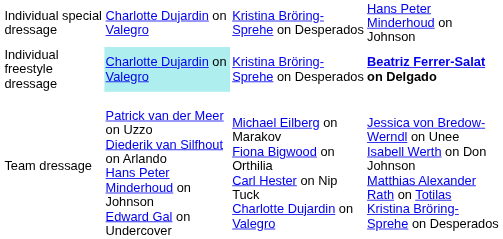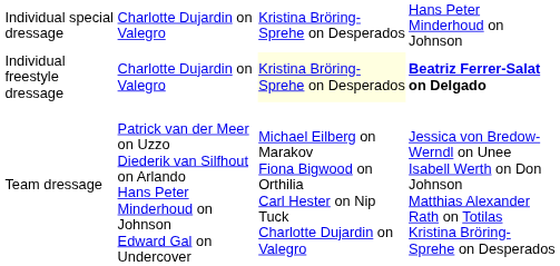 <table>
 <tr>
 <td>Individual special dressage<br></td>
 <td> <a href='#'>Charlotte Dujardin</a> on <a href='#'>Valegro</a></td>
 <td> <a href='#'>Kristina Bröring-Sprehe</a> on Desperados</td>
 <td> <a href='#'>Hans Peter Minderhoud</a> on Johnson</td>
 </tr>
 <tr>
 <td>Individual freestyle dressage<br></td>
-<td style="background: paleturquoise;"> <a href='#'>Charlotte Dujardin</a> on <a href='#'>Valegro</a></td>
-<td> <a href='#'>Kristina Bröring-Sprehe</a> on Desperados</td>
+<td> <a href='#'>Charlotte Dujardin</a> on <a href='#'>Valegro</a></td>
+<td style="background: lightyellow;"> <a href='#'>Kristina Bröring-Sprehe</a> on Desperados</td>
 <td><strong> <a href='#'>Beatriz Ferrer-Salat</a> on Delgado</strong></td>
 </tr>
 <tr>
 <td>Team dressage<br></td>
 <td><br><a href='#'>Patrick van der Meer</a> on Uzzo<br><a href='#'>Diederik van Silfhout</a> on Arlando<br><a href='#'>Hans Peter Minderhoud</a> on Johnson<br><a href='#'>Edward Gal</a> on Undercover</td>
 <td><br><a href='#'>Michael Eilberg</a> on Marakov<br><a href='#'>Fiona Bigwood</a> on Orthilia<br><a href='#'>Carl Hester</a> on Nip Tuck<br><a href='#'>Charlotte Dujardin</a> on <a href='#'>Valegro</a></td>
 <td><br><a href='#'>Jessica von Bredow-Werndl</a> on Unee<br><a href='#'>Isabell Werth</a> on Don Johnson<br><a href='#'>Matthias Alexander Rath</a> on <a href='#'>Totilas</a><br><a href='#'>Kristina Bröring-Sprehe</a> on Desperados</td>
 </tr>
 </table>
